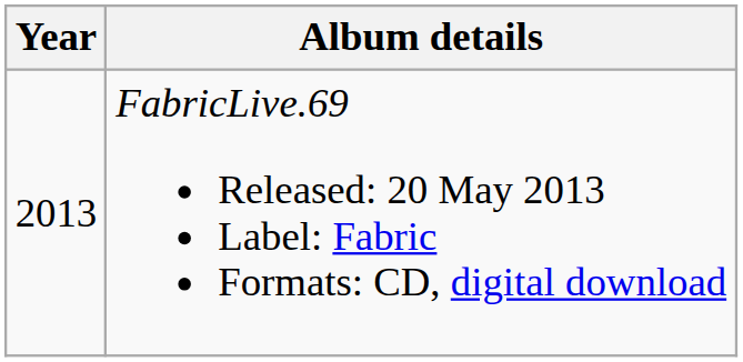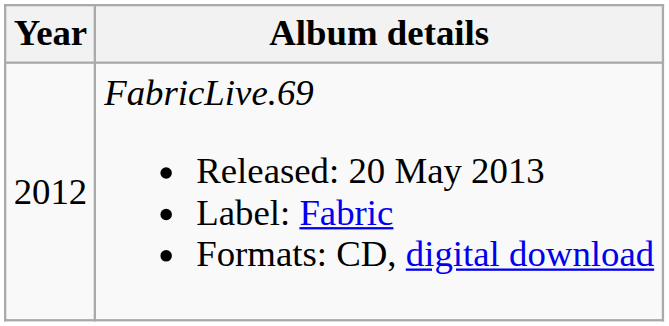 <table class="wikitable">
 <tr>
 <th>Year</th>
 <th>Album details</th>
 </tr>
 <tr>
-<td>2013</td>
+<td>2012</td>
 <td><em>FabricLive.69</em><br><ul><li>Released: 20 May 2013</li><li>Label: <a href='#'>Fabric</a></li><li>Formats: CD, <a href='#'>digital download</a></li></ul></td>
 </tr>
 </table>
